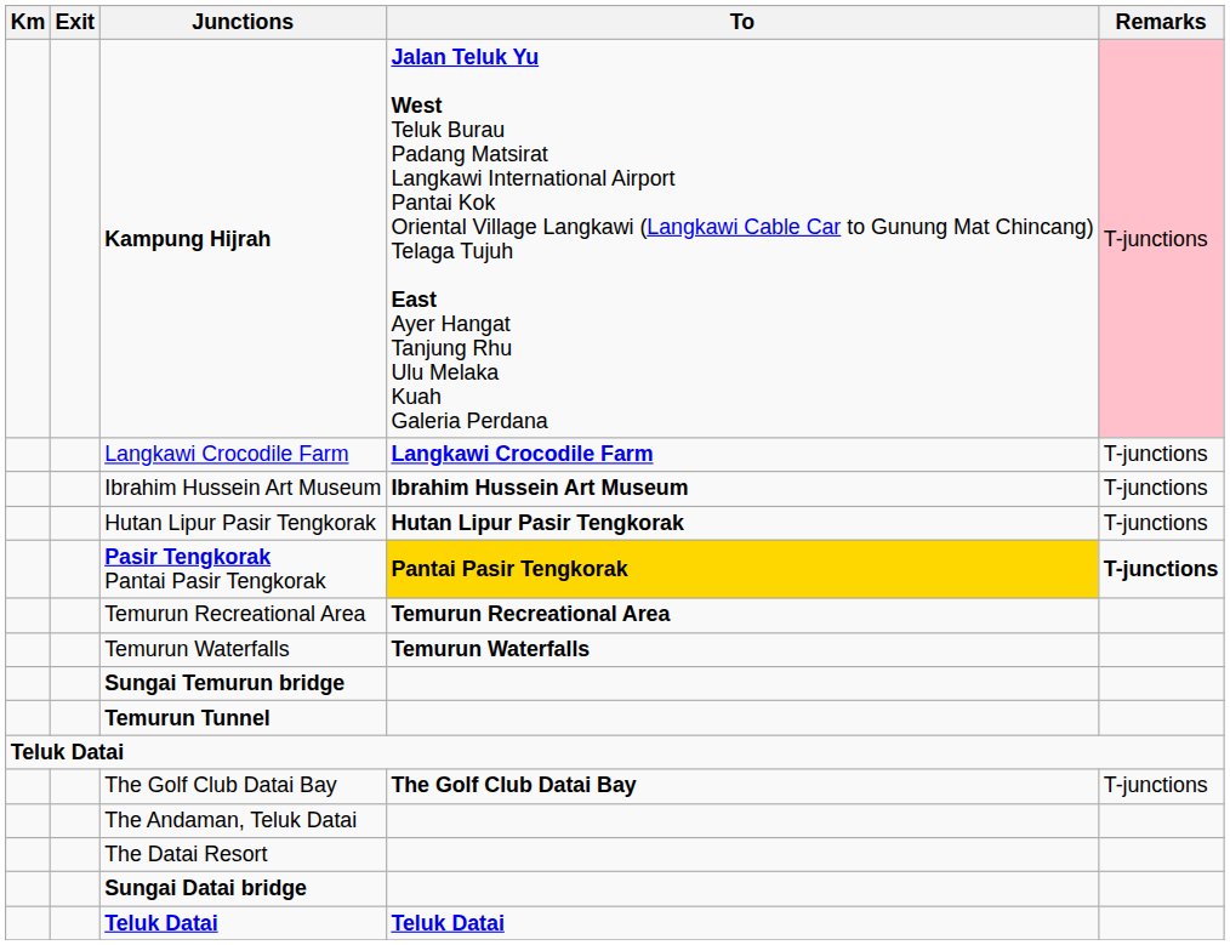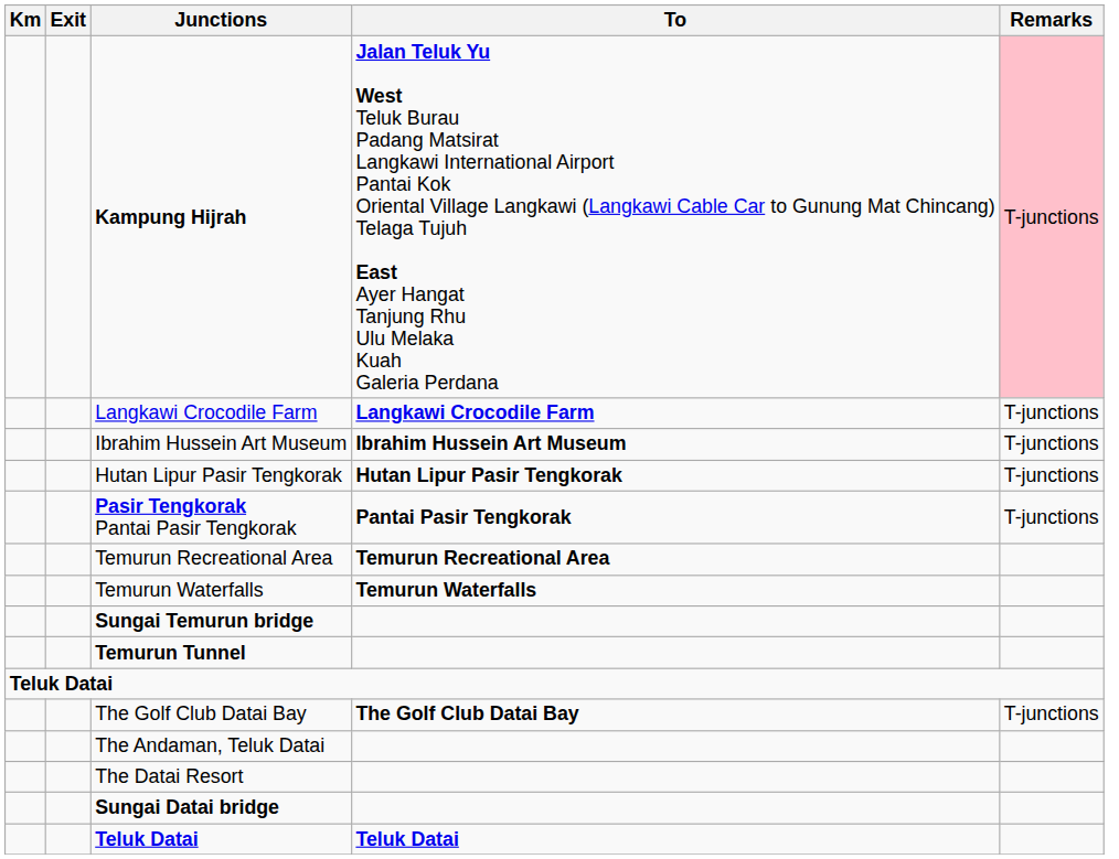 <table class="wikitable">
 <tr>
 <th>Km</th>
 <th>Exit</th>
 <th>Junctions</th>
 <th>To</th>
 <th>Remarks</th>
 </tr>
 <tr>
 <td></td>
 <td></td>
 <td><strong>Kampung Hijrah</strong></td>
 <td> <strong><a href='#'>Jalan Teluk Yu</a></strong><br><br><strong>West</strong><br> Teluk Burau<br> Padang Matsirat<br> Langkawi International Airport <br> Pantai Kok <br> Oriental Village Langkawi (<a href='#'>Langkawi Cable Car</a> to Gunung Mat Chincang)<br> Telaga Tujuh<br><br><strong>East</strong><br> Ayer Hangat<br> Tanjung Rhu<br> Ulu Melaka<br> Kuah<br>Galeria Perdana</td>
 <td style="background: pink;">T-junctions</td>
 </tr>
 <tr>
 <td></td>
 <td></td>
 <td><a href='#'>Langkawi Crocodile Farm</a></td>
 <td><strong><a href='#'>Langkawi Crocodile Farm</a></strong><br> </td>
 <td>T-junctions</td>
 </tr>
 <tr>
 <td></td>
 <td></td>
 <td>Ibrahim Hussein Art Museum</td>
 <td><strong>Ibrahim Hussein Art Museum</strong><br></td>
 <td>T-junctions</td>
 </tr>
 <tr>
 <td></td>
 <td></td>
 <td>Hutan Lipur Pasir Tengkorak </td>
 <td><strong>Hutan Lipur Pasir Tengkorak</strong> <br> </td>
 <td>T-junctions</td>
 </tr>
 <tr>
 <td></td>
 <td></td>
 <td><strong><a href='#'>Pasir Tengkorak</a></strong><br>Pantai Pasir Tengkorak</td>
-<td style="background: gold;"><strong>Pantai Pasir Tengkorak</strong> <br> </td>
-<td><strong>T-junctions</strong></td>
+<td><strong>Pantai Pasir Tengkorak</strong> <br> </td>
+<td>T-junctions</td>
 </tr>
 <tr>
 <td></td>
 <td></td>
 <td>Temurun Recreational Area </td>
 <td><strong>Temurun Recreational Area </strong> <br>    </td>
 <td></td>
 </tr>
 <tr>
 <td></td>
 <td></td>
 <td>Temurun Waterfalls</td>
 <td><strong>Temurun Waterfalls</strong> <br> </td>
 <td></td>
 </tr>
 <tr>
 <td></td>
 <td></td>
 <td><strong>Sungai Temurun bridge</strong></td>
 <td></td>
 <td></td>
 </tr>
 <tr>
 <td></td>
 <td></td>
 <td><strong>Temurun Tunnel</strong></td>
 <td></td>
 <td></td>
 </tr>
 <tr>
 <td style="width:600px" colspan="6" style="text-align:center; background:white;"><strong><span>Teluk Datai</span></strong></td>
 </tr>
 <tr>
 <td></td>
 <td></td>
 <td>The Golf Club Datai Bay</td>
 <td><strong>The Golf Club Datai Bay</strong><br></td>
 <td>T-junctions</td>
 </tr>
 <tr>
 <td></td>
 <td></td>
 <td>The Andaman, Teluk Datai</td>
 <td></td>
 <td></td>
 </tr>
 <tr>
 <td></td>
 <td></td>
 <td>The Datai Resort</td>
 <td></td>
 <td></td>
 </tr>
 <tr>
 <td></td>
 <td></td>
 <td><strong>Sungai Datai bridge</strong></td>
 <td></td>
 <td></td>
 </tr>
 <tr>
 <td></td>
 <td></td>
 <td><strong><a href='#'>Teluk Datai</a></strong></td>
 <td><strong><a href='#'>Teluk Datai</a></strong><br> </td>
 <td></td>
 </tr>
 </table>
